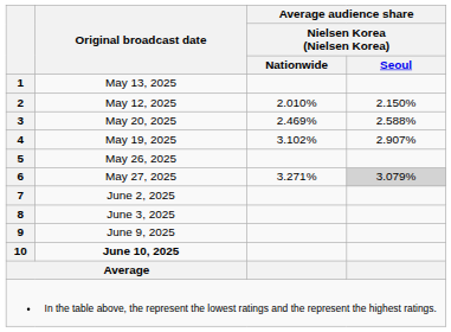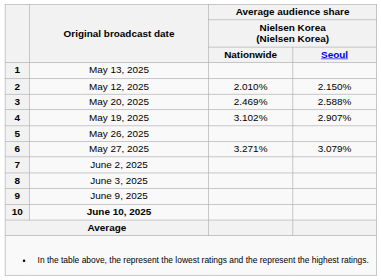 <table class="wikitable" style="margin-left:auto; margin-right:auto; width:600px; text-align:center">
 <tr>
 <th rowspan="3" scope="col"></th>
 <th rowspan="3" scope="col">Original broadcast date</th>
 <th colspan="2" scope="col">Average audience share</th>
 </tr>
 <tr>
 <th colspan="2" scope="col">Nielsen Korea<br>(Nielsen Korea)</th>
 </tr>
 <tr>
 <th scope="col" style="width:8em">Nationwide</th>
 <th scope="col" style="width:8em"><a href='#'>Seoul</a></th>
 </tr>
 <tr>
 <th scope="row">1</th>
 <td>May 13, 2025</td>
 <td><strong></strong> </td>
 <td><strong></strong> </td>
 </tr>
 <tr>
 <th scope="row">2</th>
 <td>May 12, 2025</td>
 <td>2.010% </td>
 <td>2.150% </td>
 </tr>
 <tr>
 <th scope="row">3</th>
 <td>May 20, 2025</td>
 <td>2.469% </td>
 <td>2.588% </td>
 </tr>
 <tr>
 <th scope="row">4</th>
 <td>May 19, 2025</td>
 <td>3.102% </td>
 <td>2.907% </td>
 </tr>
 <tr>
 <th scope="row">5</th>
 <td>May 26, 2025</td>
 <td><strong></strong> </td>
 <td><strong></strong> </td>
 </tr>
 <tr>
 <th scope="row">6</th>
 <td>May 27, 2025</td>
 <td>3.271% </td>
-<td style="background: lightgrey;">3.079% </td>
+<td>3.079% </td>
 </tr>
 <tr>
 <th scope="row">7</th>
 <td>June 2, 2025</td>
 <td></td>
 <td></td>
 </tr>
 <tr>
 <th scope="row">8</th>
 <td>June 3, 2025</td>
 <td></td>
 <td></td>
 </tr>
 <tr>
 <th scope="row">9</th>
 <td>June 9, 2025</td>
 <td></td>
 <td></td>
 </tr>
 <tr>
 <th scope="row">10</th>
 <td><strong>June 10, 2025</strong></td>
 <td></td>
 <td></td>
 </tr>
 <tr>
 <th colspan="2" scope="col">Average</th>
 <th scope="col"></th>
 <th scope="col"></th>
 </tr>
 <tr>
 <td colspan="5" style="font-size:85%"><br><ul><li>In the table above, the <strong></strong> represent the lowest ratings and the <strong></strong> represent the highest ratings.</li></ul></td>
 </tr>
 </table>
